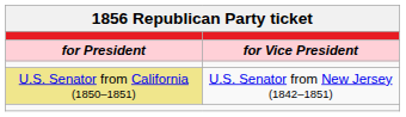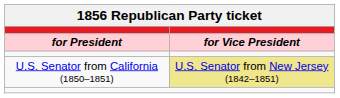 <table class="wikitable" style="font-size:90%; text-align:center;">
 <tr>
 <td style="background:#f1f1f1;" colspan="30"><big><strong>1856 Republican Party ticket</strong></big></td>
 </tr>
 <tr>
 <th style="width:3em; font-size:135%; background:#E81B23; width:200px;"><a href='#'></a></th>
 <th style="width:3em; font-size:135%; background:#E81B23; width:200px;"><a href='#'></a></th>
 </tr>
 <tr style="color:#000; font-size:100%; background:#FFD0D7;">
 <td style="width:3em; width:200px;"><strong><em>for President</em></strong></td>
 <td style="width:3em; width:200px;"><strong><em>for Vice President</em></strong></td>
 </tr>
 <tr>
 <td></td>
 <td></td>
 </tr>
 <tr>
-<td style="background: khaki;"><a href='#'>U.S. Senator</a> from <a href='#'>California</a><br><small>(1850–1851)</small></td>
-<td><a href='#'>U.S. Senator</a> from <a href='#'>New Jersey</a><br><small>(1842–1851)</small></td>
+<td><a href='#'>U.S. Senator</a> from <a href='#'>California</a><br><small>(1850–1851)</small></td>
+<td style="background: khaki;"><a href='#'>U.S. Senator</a> from <a href='#'>New Jersey</a><br><small>(1842–1851)</small></td>
 </tr>
 <tr>
 <td colspan=2></td>
 </tr>
 </table>
